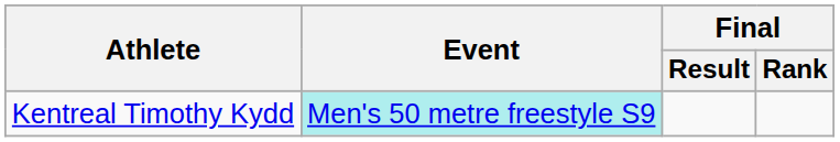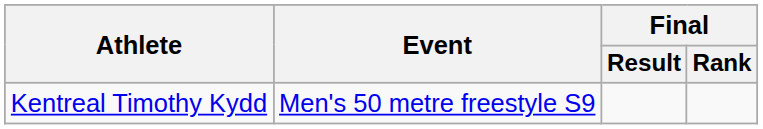 <table class="wikitable" style="text-align: center; font-size:90%">
 <tr>
 <th rowspan="2">Athlete</th>
 <th rowspan="2">Event</th>
 <th colspan="2">Final</th>
 </tr>
 <tr style="font-size:95%">
 <th>Result</th>
 <th>Rank</th>
 </tr>
 <tr>
 <td align=left><a href='#'>Kentreal Timothy Kydd</a></td>
-<td align=left style="background: paleturquoise;"><a href='#'>Men's 50 metre freestyle S9</a></td>
+<td align=left><a href='#'>Men's 50 metre freestyle S9</a></td>
 <td></td>
 <td></td>
 </tr>
 </table>
